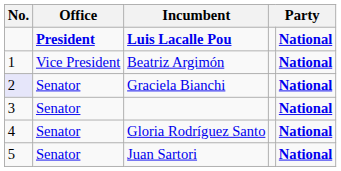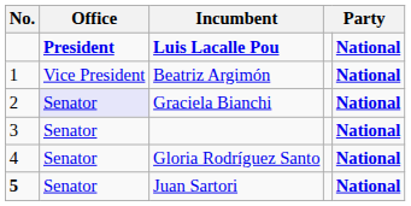 <table class="wikitable">
 <tr>
 <th><abbr>No.</abbr></th>
 <th>Office</th>
 <th>Incumbent</th>
 <th colspan="2">Party</th>
 </tr>
 <tr>
 <td></td>
 <td><a href='#'><strong>President</strong></a></td>
 <td><strong><a href='#'>Luis Lacalle Pou</a></strong></td>
 <td style="background-color:"></td>
 <td><a href='#'><strong>National</strong></a></td>
 </tr>
 <tr>
 <td>1</td>
 <td><a href='#'>Vice President</a></td>
 <td><a href='#'>Beatriz Argimón</a></td>
 <td style="background-color:"></td>
 <td><a href='#'><strong>National</strong></a></td>
 </tr>
 <tr>
-<td style="background: lavender;">2</td>
-<td><a href='#'>Senator</a></td>
+<td>2</td>
+<td style="background: lavender;"><a href='#'>Senator</a></td>
 <td><a href='#'>Graciela Bianchi</a> </td>
 <td style="background-color:"></td>
 <td><a href='#'><strong>National</strong></a></td>
 </tr>
 <tr>
 <td>3</td>
 <td><a href='#'>Senator</a></td>
 <td></td>
 <td style="background-color:"></td>
 <td><a href='#'><strong>National</strong></a></td>
 </tr>
 <tr>
 <td>4</td>
 <td><a href='#'>Senator</a></td>
 <td><a href='#'>Gloria Rodríguez Santo</a></td>
 <td style="background-color:"></td>
 <td><a href='#'><strong>National</strong></a></td>
 </tr>
 <tr>
-<td>5</td>
+<td><strong>5</strong></td>
 <td><a href='#'>Senator</a></td>
 <td><a href='#'>Juan Sartori</a></td>
 <td style="background-color:"></td>
 <td><a href='#'><strong>National</strong></a></td>
 </tr>
 </table>
